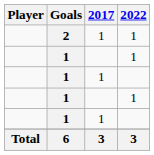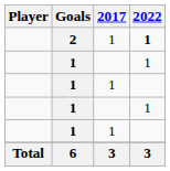 <table class="wikitable sortable" style="text-align:center;">
 <tr>
 <th>Player</th>
 <th>Goals</th>
 <th><a href='#'>2017</a></th>
 <th><a href='#'>2022</a></th>
 </tr>
 <tr>
 <td align="left"></td>
 <th>2</th>
 <td>1</td>
-<td>1</td>
+<td><strong>1</strong></td>
 </tr>
 <tr>
 <td align="left"></td>
 <th>1</th>
 <td></td>
 <td>1</td>
 </tr>
 <tr>
 <td align="left"></td>
 <th>1</th>
 <td>1</td>
 <td></td>
 </tr>
 <tr>
 <td align="left"></td>
 <th>1</th>
 <td></td>
 <td>1</td>
 </tr>
 <tr>
 <td align="left"></td>
 <th>1</th>
 <td>1</td>
 <td></td>
 </tr>
 <tr>
 </tr>
 <tr class="sortbottom">
 <th>Total</th>
 <th>6</th>
 <th>3</th>
 <th>3</th>
 </tr>
 </table>
